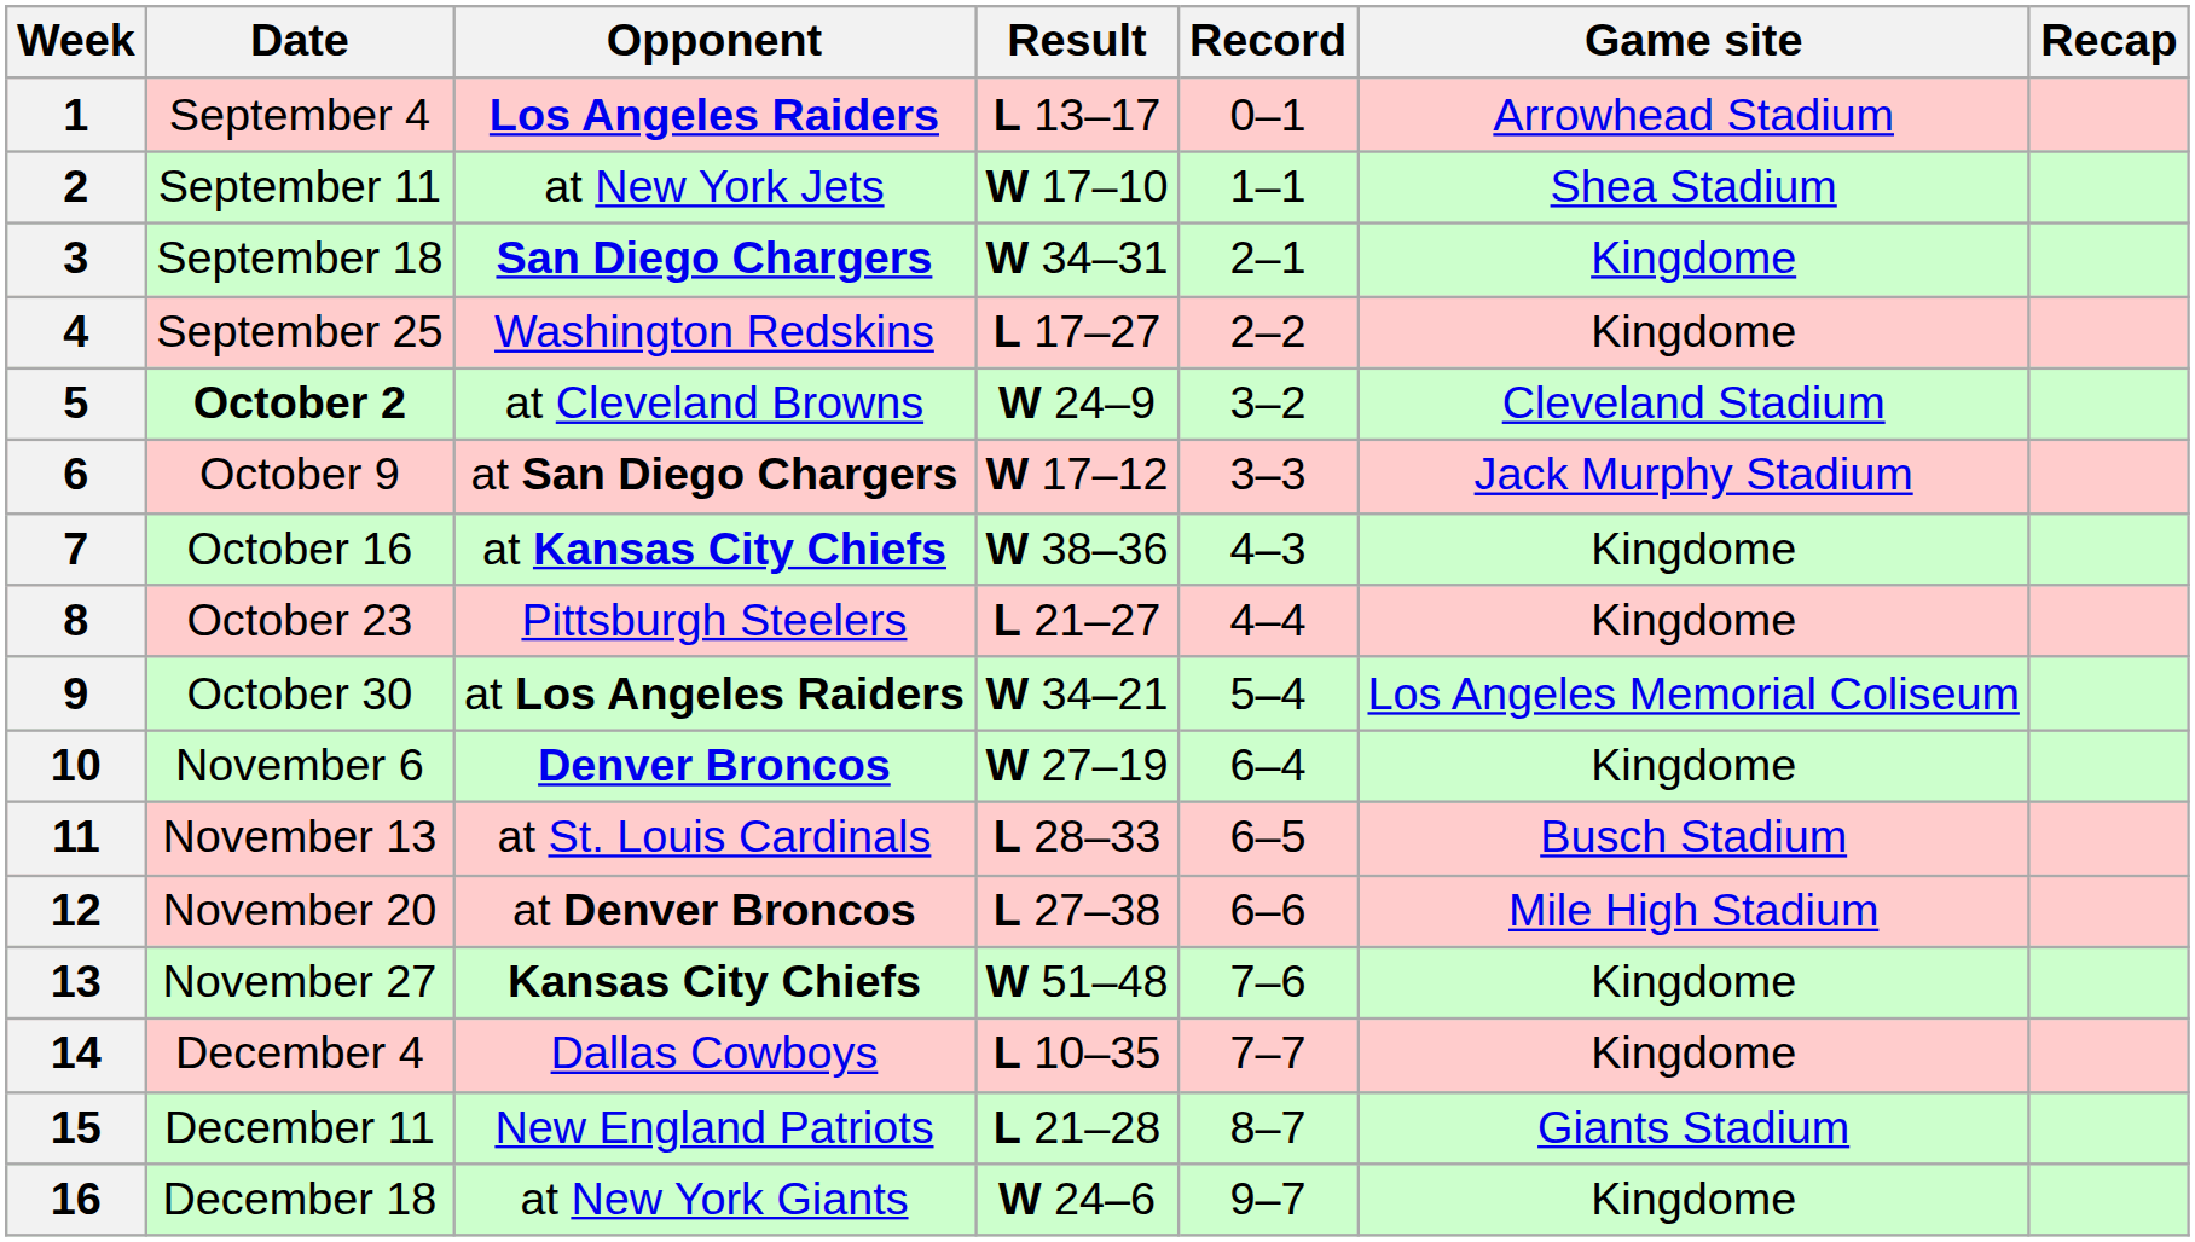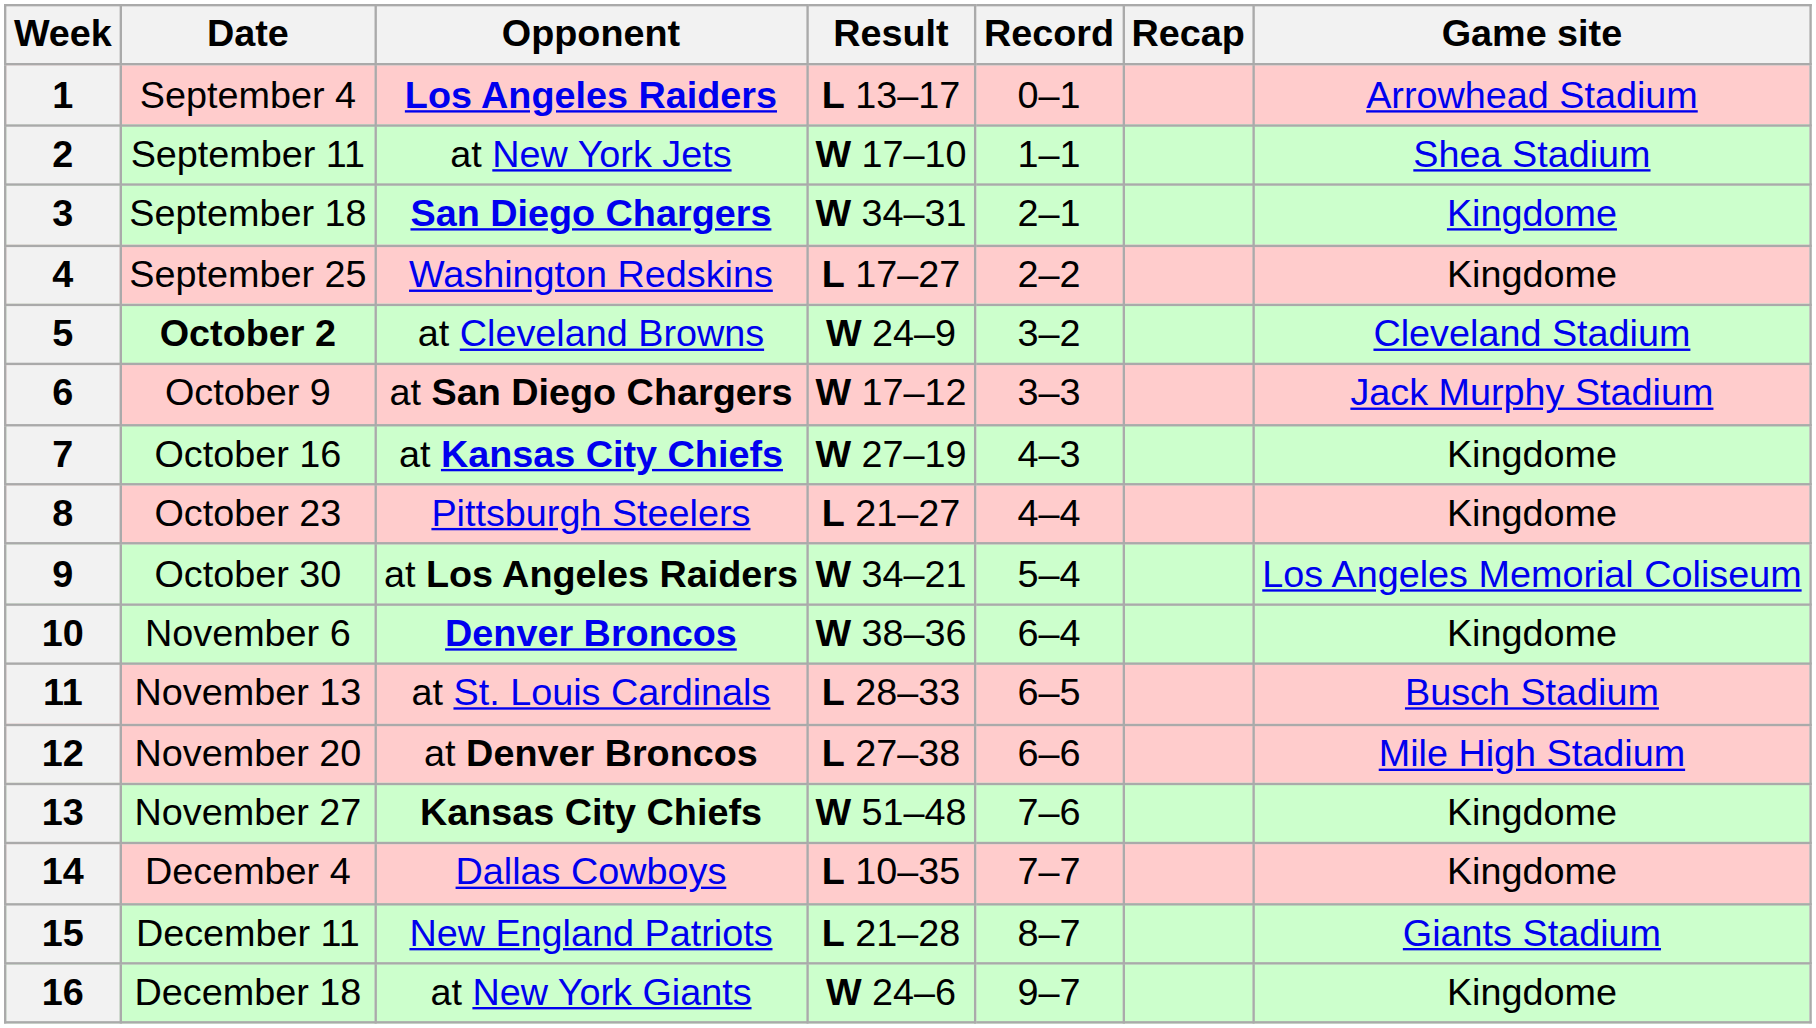 <table class="wikitable" style="text-align:center">
 <tr>
 <th>Week</th>
 <th>Date</th>
 <th>Opponent</th>
 <th>Result</th>
 <th>Record</th>
+<th>Recap</th>
 <th>Game site</th>
-<th>Recap</th>
 </tr>
 <tr style="background:#fcc">
 <th>1</th>
 <td>September 4</td>
 <td><strong><a href='#'>Los Angeles Raiders</a></strong></td>
 <td><strong>L</strong> 13–17</td>
 <td>0–1</td>
+<td></td>
 <td><a href='#'>Arrowhead Stadium</a></td>
-<td></td>
 </tr>
 <tr style="background:#cfc">
 <th>2</th>
 <td>September 11</td>
 <td>at <a href='#'>New York Jets</a></td>
 <td><strong>W</strong> 17–10</td>
 <td>1–1</td>
+<td></td>
 <td><a href='#'>Shea Stadium</a></td>
-<td></td>
 </tr>
 <tr style="background:#cfc">
 <th>3</th>
 <td>September 18</td>
 <td><strong><a href='#'>San Diego Chargers</a></strong></td>
 <td><strong>W</strong> 34–31</td>
 <td>2–1</td>
+<td></td>
 <td><a href='#'>Kingdome</a></td>
-<td></td>
 </tr>
 <tr style="background:#fcc">
 <th>4</th>
 <td>September 25</td>
 <td><a href='#'>Washington Redskins</a></td>
 <td><strong>L</strong> 17–27</td>
 <td>2–2</td>
+<td></td>
 <td>Kingdome</td>
-<td></td>
 </tr>
 <tr style="background:#cfc">
 <th>5</th>
 <td><strong>October 2</strong></td>
 <td>at <a href='#'>Cleveland Browns</a></td>
 <td><strong>W</strong> 24–9</td>
 <td>3–2</td>
+<td></td>
 <td><a href='#'>Cleveland Stadium</a></td>
-<td></td>
 </tr>
 <tr style="background:#fcc">
 <th>6</th>
 <td>October 9</td>
 <td>at <strong>San Diego Chargers</strong></td>
 <td><strong>W</strong> 17–12</td>
 <td>3–3</td>
+<td></td>
 <td><a href='#'>Jack Murphy Stadium</a></td>
-<td></td>
 </tr>
 <tr style="background:#cfc">
 <th>7</th>
 <td>October 16</td>
 <td>at <strong><a href='#'>Kansas City Chiefs</a></strong></td>
-<td><strong>W</strong> 38–36</td>
+<td><strong>W</strong> 27–19</td>
 <td>4–3</td>
+<td></td>
 <td>Kingdome</td>
-<td></td>
 </tr>
 <tr style="background:#fcc">
 <th>8</th>
 <td>October 23</td>
 <td><a href='#'>Pittsburgh Steelers</a></td>
 <td><strong>L</strong> 21–27</td>
 <td>4–4</td>
+<td></td>
 <td>Kingdome</td>
-<td></td>
 </tr>
 <tr style="background:#cfc">
 <th>9</th>
 <td>October 30</td>
 <td>at <strong>Los Angeles Raiders</strong></td>
 <td><strong>W</strong> 34–21</td>
 <td>5–4</td>
+<td></td>
 <td><a href='#'>Los Angeles Memorial Coliseum</a></td>
-<td></td>
 </tr>
 <tr style="background:#cfc">
 <th>10</th>
 <td>November 6</td>
 <td><strong><a href='#'>Denver Broncos</a></strong></td>
-<td><strong>W</strong> 27–19</td>
+<td><strong>W</strong> 38–36</td>
 <td>6–4</td>
+<td></td>
 <td>Kingdome</td>
-<td></td>
 </tr>
 <tr style="background:#fcc">
 <th>11</th>
 <td>November 13</td>
 <td>at <a href='#'>St. Louis Cardinals</a></td>
 <td><strong>L</strong> 28–33</td>
 <td>6–5</td>
+<td></td>
 <td><a href='#'>Busch Stadium</a></td>
-<td></td>
 </tr>
 <tr style="background:#fcc">
 <th>12</th>
 <td>November 20</td>
 <td>at <strong>Denver Broncos</strong></td>
 <td><strong>L</strong> 27–38</td>
 <td>6–6</td>
+<td></td>
 <td><a href='#'>Mile High Stadium</a></td>
-<td></td>
 </tr>
 <tr style="background:#cfc">
 <th>13</th>
 <td>November 27</td>
 <td><strong>Kansas City Chiefs</strong></td>
 <td><strong>W</strong> 51–48 </td>
 <td>7–6</td>
+<td></td>
 <td>Kingdome</td>
-<td></td>
 </tr>
 <tr style="background:#fcc">
 <th>14</th>
 <td>December 4</td>
 <td><a href='#'>Dallas Cowboys</a></td>
 <td><strong>L</strong> 10–35</td>
 <td>7–7</td>
+<td></td>
 <td>Kingdome</td>
-<td></td>
 </tr>
 <tr style="background:#cfc">
 <th>15</th>
 <td>December 11</td>
 <td><a href='#'>New England Patriots</a></td>
 <td><strong>L</strong> 21–28</td>
 <td>8–7</td>
+<td></td>
 <td><a href='#'>Giants Stadium</a></td>
-<td></td>
 </tr>
 <tr style="background:#cfc">
 <th>16</th>
 <td>December 18</td>
 <td>at <a href='#'>New York Giants</a></td>
 <td><strong>W</strong> 24–6</td>
 <td>9–7</td>
+<td></td>
 <td>Kingdome</td>
-<td></td>
 </tr>
 </table>
